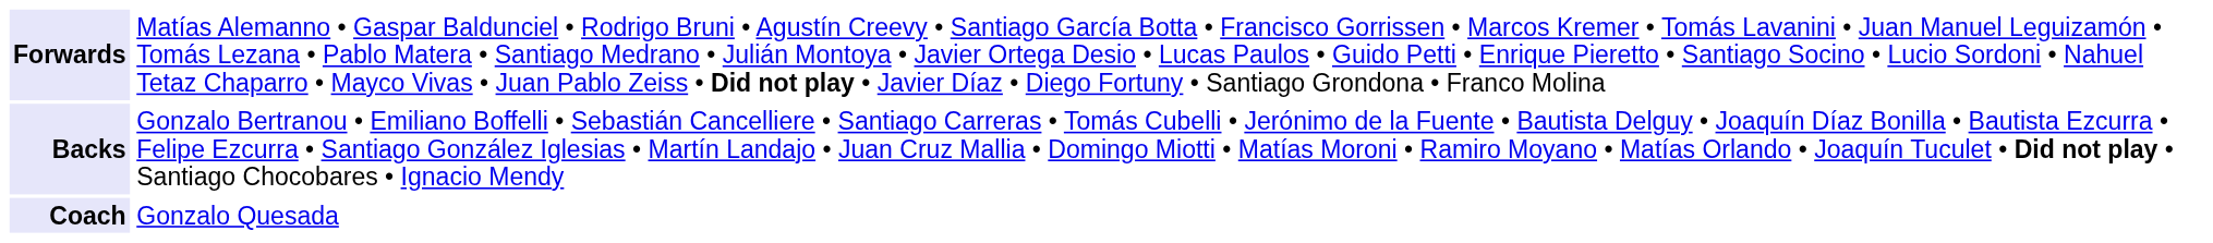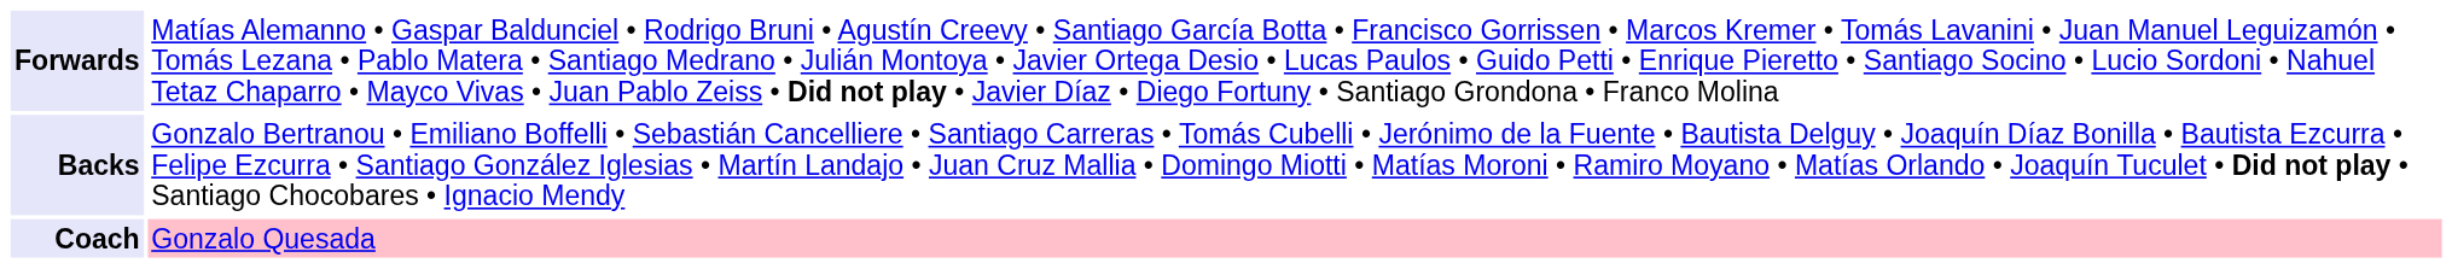 <table cellpadding="2" style="border: 1px solid white; font-size:90%;">
 <tr>
 <td style="text-align:right;" bgcolor="lavender"><strong>Forwards</strong></td>
 <td style="text-align:left;"><a href='#'>Matías Alemanno</a> • <a href='#'>Gaspar Baldunciel</a> • <a href='#'>Rodrigo Bruni</a> • <a href='#'>Agustín Creevy</a> • <a href='#'>Santiago García Botta</a> • <a href='#'>Francisco Gorrissen</a> • <a href='#'>Marcos Kremer</a> • <a href='#'>Tomás Lavanini</a> • <a href='#'>Juan Manuel Leguizamón</a> • <a href='#'>Tomás Lezana</a> • <a href='#'>Pablo Matera</a> • <a href='#'>Santiago Medrano</a> • <a href='#'>Julián Montoya</a> • <a href='#'>Javier Ortega Desio</a> • <a href='#'>Lucas Paulos</a> • <a href='#'>Guido Petti</a> • <a href='#'>Enrique Pieretto</a> • <a href='#'>Santiago Socino</a> • <a href='#'>Lucio Sordoni</a> • <a href='#'>Nahuel Tetaz Chaparro</a> • <a href='#'>Mayco Vivas</a> • <a href='#'>Juan Pablo Zeiss</a> • <strong>Did not play</strong> • <a href='#'>Javier Díaz</a> • <a href='#'>Diego Fortuny</a> • Santiago Grondona • Franco Molina</td>
 </tr>
 <tr>
 <td style="text-align:right;" bgcolor="lavender"><strong>Backs</strong></td>
 <td style="text-align:left;"><a href='#'>Gonzalo Bertranou</a> • <a href='#'>Emiliano Boffelli</a> • <a href='#'>Sebastián Cancelliere</a> • <a href='#'>Santiago Carreras</a> • <a href='#'>Tomás Cubelli</a> • <a href='#'>Jerónimo de la Fuente</a> • <a href='#'>Bautista Delguy</a> • <a href='#'>Joaquín Díaz Bonilla</a> • <a href='#'>Bautista Ezcurra</a> • <a href='#'>Felipe Ezcurra</a> • <a href='#'>Santiago González Iglesias</a> • <a href='#'>Martín Landajo</a> • <a href='#'>Juan Cruz Mallia</a> • <a href='#'>Domingo Miotti</a> • <a href='#'>Matías Moroni</a> • <a href='#'>Ramiro Moyano</a> • <a href='#'>Matías Orlando</a> • <a href='#'>Joaquín Tuculet</a> • <strong>Did not play</strong> • Santiago Chocobares • <a href='#'>Ignacio Mendy</a></td>
 </tr>
 <tr>
 <td style="text-align:right;" bgcolor="lavender"><strong>Coach</strong></td>
-<td style="text-align:left;"><a href='#'>Gonzalo Quesada</a></td>
+<td style="background: pink; text-align:left;"><a href='#'>Gonzalo Quesada</a></td>
 </tr>
 </table>
